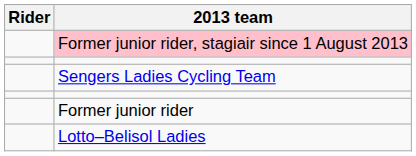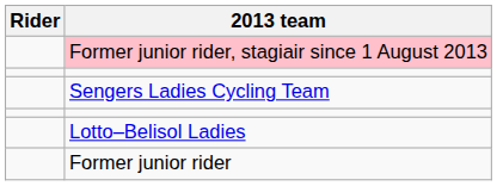 <table class="wikitable">
 <tr>
 <th>Rider</th>
 <th>2013 team</th>
 </tr>
 <tr>
 <td></td>
 <td style="background: pink;">Former junior rider, stagiair since 1 August 2013</td>
 </tr>
 <tr>
 <td></td>
 <td></td>
 </tr>
 <tr>
 <td></td>
 <td><a href='#'>Sengers Ladies Cycling Team</a></td>
 </tr>
 <tr>
 <td></td>
 <td></td>
 </tr>
 <tr>
 <td></td>
-<td>Former junior rider</td>
+<td><a href='#'>Lotto–Belisol Ladies</a></td>
 </tr>
 <tr>
 <td></td>
-<td><a href='#'>Lotto–Belisol Ladies</a></td>
+<td>Former junior rider</td>
 </tr>
 </table>
